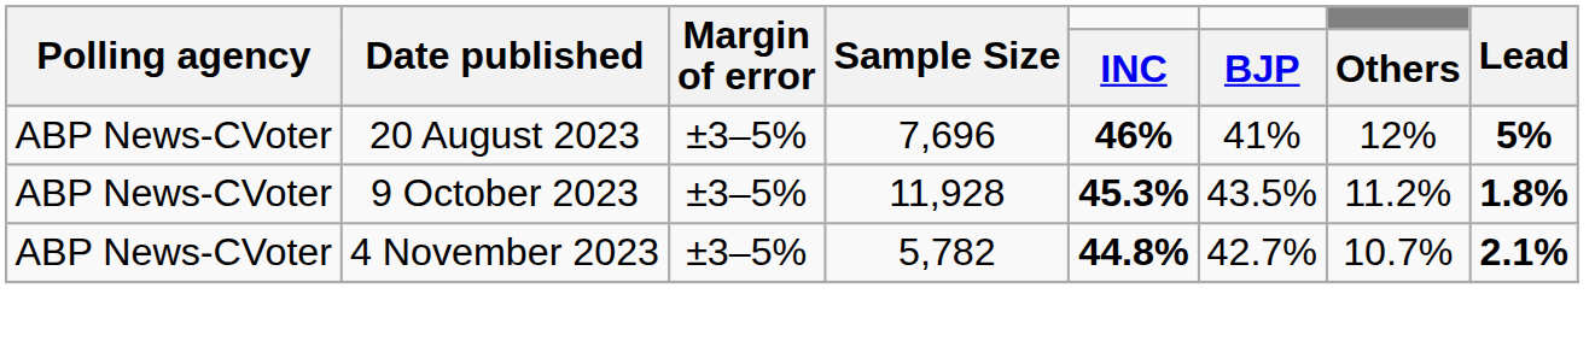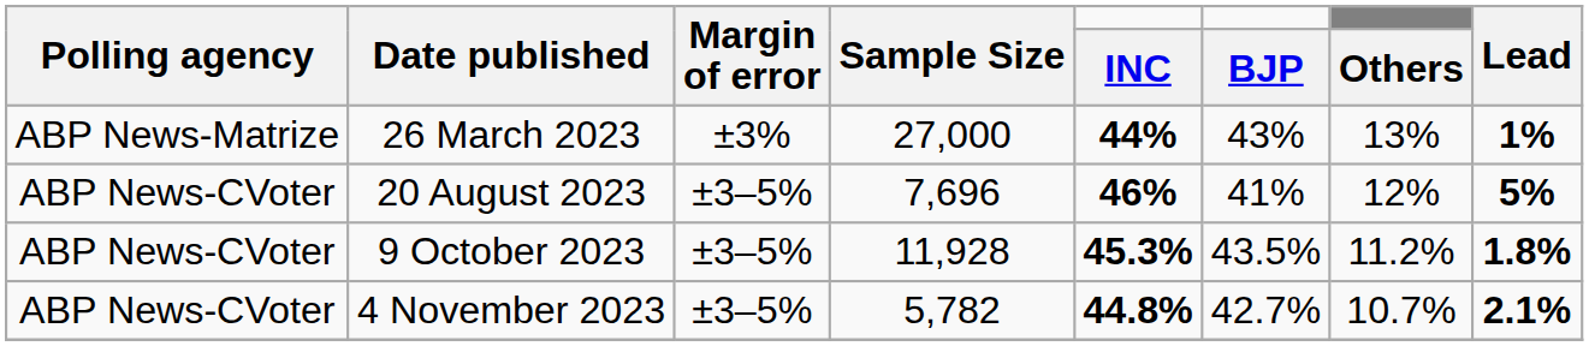 <table class="wikitable" style="text-align:center;font-size:95%;line-height:16px;">
 <tr>
 <th rowspan="2">Polling agency</th>
 <th rowspan="2">Date published</th>
 <th rowspan="2">Margin<br>of error</th>
 <th rowspan="2">Sample Size</th>
 <td></td>
 <td></td>
 <td style="background:gray;"></td>
 <th rowspan="2">Lead</th>
 </tr>
 <tr>
 <th><a href='#'>INC</a></th>
 <th><a href='#'>BJP</a></th>
 <th>Others</th>
+</tr>
+<tr>
+<td>ABP News-Matrize</td>
+<td>26 March 2023</td>
+<td>±3%</td>
+<td>27,000</td>
+<td style="background:"><strong>44%</strong></td>
+<td>43%</td>
+<td>13%</td>
+<td style="background:"><strong>1%</strong></td>
 </tr>
 <tr>
 <td>ABP News-CVoter</td>
 <td>20 August 2023</td>
 <td>±3–5%</td>
 <td>7,696</td>
 <td style="background:"><strong>46%</strong></td>
 <td>41%</td>
 <td>12%</td>
 <td style="background:"><strong>5%</strong></td>
 </tr>
 <tr>
 <td>ABP News-CVoter</td>
 <td>9 October 2023</td>
 <td>±3–5%</td>
 <td>11,928</td>
 <td style="background:"><strong>45.3%</strong></td>
 <td>43.5%</td>
 <td>11.2%</td>
 <td style="background:"><strong>1.8%</strong></td>
 </tr>
 <tr>
 <td>ABP News-CVoter</td>
 <td>4 November 2023</td>
 <td>±3–5%</td>
 <td>5,782</td>
 <td><strong>44.8%</strong></td>
 <td>42.7%</td>
 <td>10.7%</td>
 <td><strong>2.1%</strong></td>
 </tr>
 <tr>
 </tr>
 </table>
